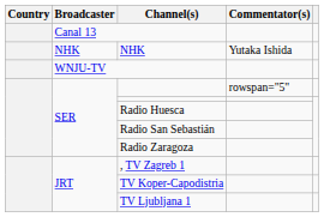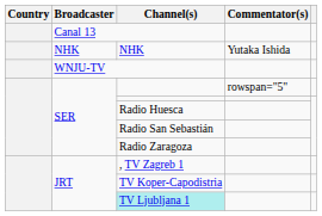 <table class="wikitable plainrowheaders">
 <tr>
 <th scope="col">Country</th>
 <th scope="col">Broadcaster</th>
 <th scope="col">Channel(s)</th>
 <th scope="col">Commentator(s)</th>
 <th scope="col"></th>
 </tr>
 <tr>
 <th scope="row"></th>
 <td colspan=2><a href='#'>Canal 13</a></td>
 <td></td>
 <td style="text-align:center"></td>
 </tr>
 <tr>
 <th scope="row"></th>
 <td><a href='#'>NHK</a></td>
 <td><a href='#'>NHK</a></td>
 <td>Yutaka Ishida</td>
 <td style="text-align:center"></td>
 </tr>
 <tr>
 <th scope="rowgroup"></th>
 <td colspan="2"><a href='#'>WNJU-TV</a></td>
 <td></td>
 <td style="text-align:center"></td>
 </tr>
 <tr>
 <th scope="rowgroup" rowspan="5"></th>
 <td rowspan="5"><a href='#'>SER</a></td>
 <td></td>
 <td>rowspan="5" </td>
 <td style="text-align:center"></td>
 </tr>
 <tr>
 <td></td>
 <td style="text-align:center"></td>
 </tr>
 <tr>
 <td>Radio Huesca</td>
 <td style="text-align:center"></td>
 </tr>
 <tr>
 <td>Radio San Sebastián</td>
 <td style="text-align:center"></td>
 </tr>
 <tr>
 <td>Radio Zaragoza</td>
 <td style="text-align:center"></td>
 </tr>
 <tr>
 <th scope="rowgroup" rowspan="3"></th>
 <td rowspan="3"><a href='#'>JRT</a></td>
 <td>, <a href='#'>TV Zagreb 1</a></td>
 <td></td>
 <td style="text-align:center"></td>
 </tr>
 <tr>
 <td><a href='#'>TV Koper-Capodistria</a></td>
 <td></td>
 <td style="text-align:center"></td>
 </tr>
 <tr>
-<td><a href='#'>TV Ljubljana 1</a></td>
+<td style="background: paleturquoise;"><a href='#'>TV Ljubljana 1</a></td>
 <td></td>
 <td style="text-align:center"></td>
 </tr>
 </table>
